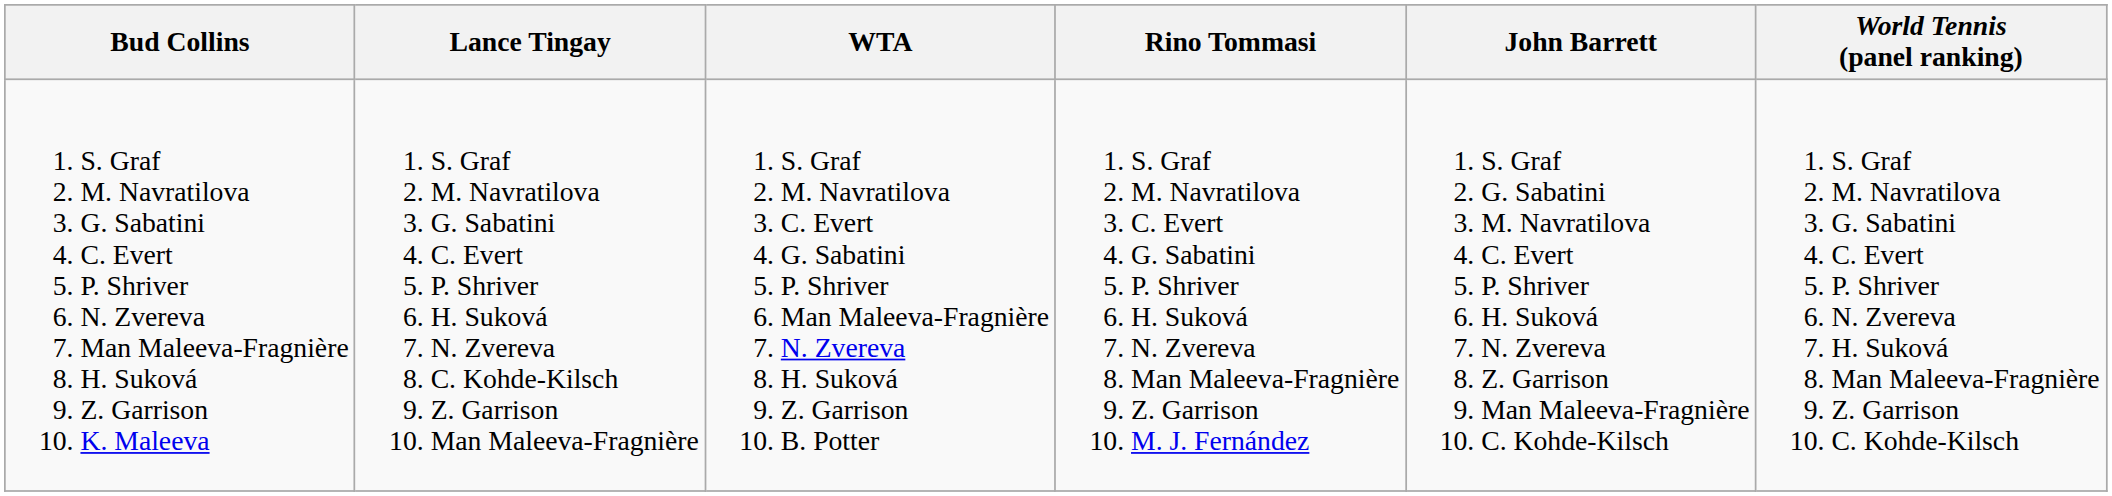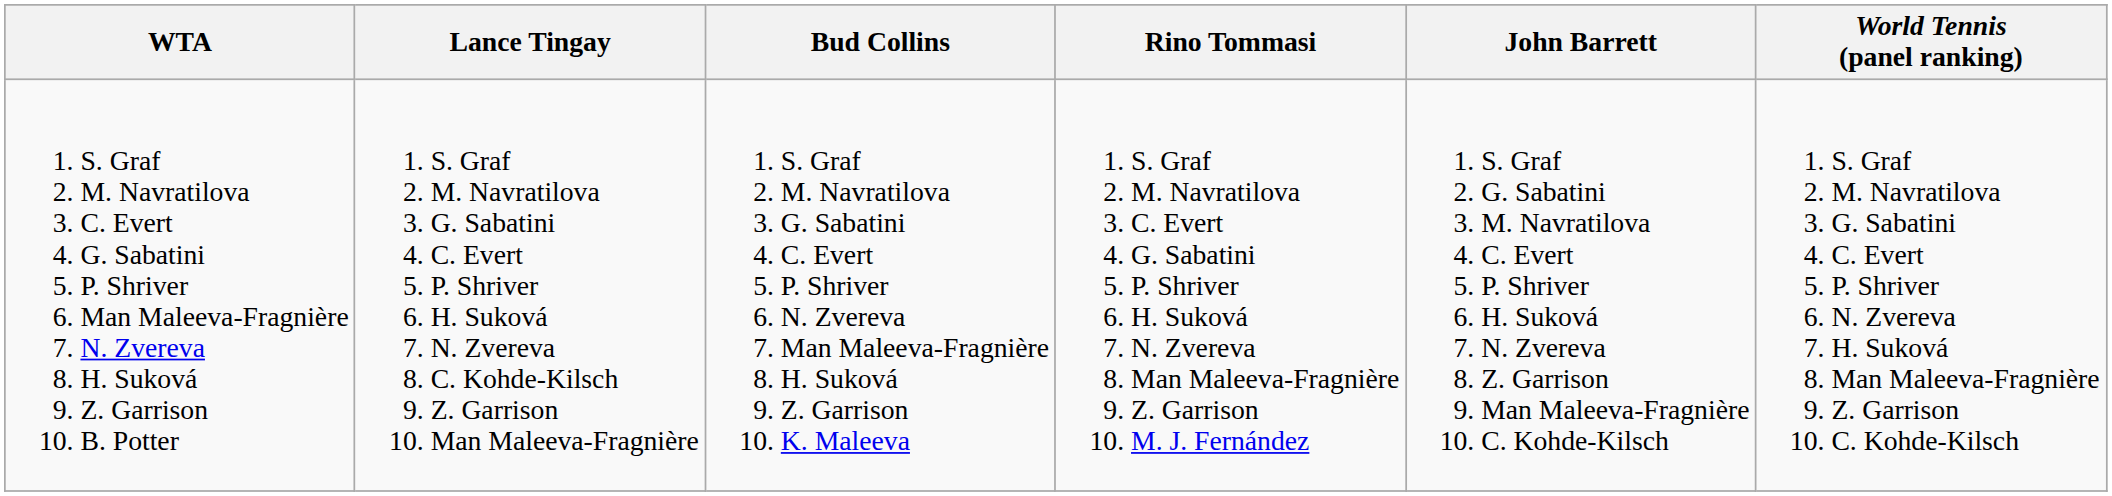 <table class="wikitable">
 <tr>
+<th>WTA</th>
+<th>Lance Tingay</th>
 <th>Bud Collins</th>
-<th>Lance Tingay</th>
-<th>WTA</th>
 <th>Rino Tommasi</th>
 <th>John Barrett</th>
 <th><em>World Tennis<br></em>(panel ranking)</th>
 </tr>
 <tr style="vertical-align: top;">
+<td style="white-space: nowrap;"><br><ol><li> S. Graf</li><li> M. Navratilova</li><li> C. Evert</li><li> G. Sabatini</li><li> P. Shriver</li><li> Man Maleeva-Fragnière</li><li> <a href='#'>N. Zvereva</a></li><li> H. Suková</li><li> Z. Garrison</li><li> B. Potter</li></ol></td>
+<td style="white-space: nowrap;"><br><ol><li> S. Graf</li><li> M. Navratilova</li><li> G. Sabatini</li><li> C. Evert</li><li> P. Shriver</li><li> H. Suková</li><li> N. Zvereva</li><li> C. Kohde-Kilsch</li><li> Z. Garrison</li><li> Man Maleeva-Fragnière</li></ol></td>
 <td style="white-space: nowrap;"><br><ol><li> S. Graf</li><li> M. Navratilova</li><li> G. Sabatini</li><li> C. Evert</li><li> P. Shriver</li><li> N. Zvereva</li><li> Man Maleeva-Fragnière</li><li> H. Suková</li><li> Z. Garrison</li><li> <a href='#'>K. Maleeva</a></li></ol></td>
-<td style="white-space: nowrap;"><br><ol><li> S. Graf</li><li> M. Navratilova</li><li> G. Sabatini</li><li> C. Evert</li><li> P. Shriver</li><li> H. Suková</li><li> N. Zvereva</li><li> C. Kohde-Kilsch</li><li> Z. Garrison</li><li> Man Maleeva-Fragnière</li></ol></td>
-<td style="white-space: nowrap;"><br><ol><li> S. Graf</li><li> M. Navratilova</li><li> C. Evert</li><li> G. Sabatini</li><li> P. Shriver</li><li> Man Maleeva-Fragnière</li><li> <a href='#'>N. Zvereva</a></li><li> H. Suková</li><li> Z. Garrison</li><li> B. Potter</li></ol></td>
 <td style="white-space: nowrap;"><br><ol><li> S. Graf</li><li> M. Navratilova</li><li> C. Evert</li><li> G. Sabatini</li><li> P. Shriver</li><li> H. Suková</li><li> N. Zvereva</li><li> Man Maleeva-Fragnière</li><li> Z. Garrison</li><li> <a href='#'>M. J. Fernández</a></li></ol></td>
 <td style="white-space: nowrap;"><br><ol><li> S. Graf</li><li> G. Sabatini</li><li> M. Navratilova</li><li> C. Evert</li><li> P. Shriver</li><li> H. Suková</li><li> N. Zvereva</li><li> Z. Garrison</li><li> Man Maleeva-Fragnière</li><li> C. Kohde-Kilsch</li></ol></td>
 <td style="white-space: nowrap;"><br><ol><li> S. Graf</li><li> M. Navratilova</li><li> G. Sabatini</li><li> C. Evert</li><li> P. Shriver</li><li> N. Zvereva</li><li> H. Suková</li><li> Man Maleeva-Fragnière</li><li> Z. Garrison</li><li> C. Kohde-Kilsch</li></ol></td>
 </tr>
 </table>
